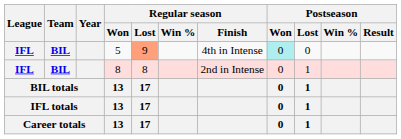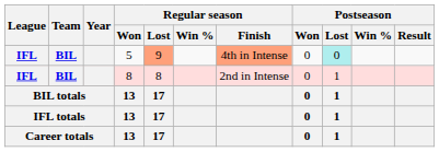 <table class="wikitable" style="font-size: 95%; text-align:center;">
 <tr>
 <th rowspan="2">League</th>
 <th rowspan="2">Team</th>
 <th rowspan="2">Year</th>
 <th colspan="4">Regular season</th>
 <th colspan="4">Postseason</th>
 </tr>
 <tr>
 <th>Won</th>
 <th>Lost</th>
 <th>Win %</th>
 <th>Finish</th>
 <th>Won</th>
 <th>Lost</th>
 <th>Win %</th>
 <th>Result</th>
 </tr>
 <tr>
 <th><a href='#'>IFL</a></th>
 <th><a href='#'>BIL</a></th>
 <th></th>
 <td>5</td>
 <td style="background: lightsalmon;">9</td>
 <td></td>
-<td>4th in Intense</td>
+<td style="background: lightsalmon;">4th in Intense</td>
+<td>0</td>
 <td style="background: paleturquoise;">0</td>
-<td>0</td>
 <td></td>
 <td></td>
 </tr>
 <tr style="background:#fdd;">
 <th><a href='#'>IFL</a></th>
 <th><a href='#'>BIL</a></th>
 <th></th>
 <td>8</td>
 <td>8</td>
 <td></td>
 <td>2nd in Intense</td>
 <td>0</td>
 <td>1</td>
 <td></td>
 <td></td>
 </tr>
 <tr>
 <th colspan="3">BIL totals</th>
 <th>13</th>
 <th>17</th>
 <th></th>
 <th></th>
 <th>0</th>
 <th>1</th>
 <th></th>
 <th></th>
 </tr>
 <tr>
 <th colspan="3">IFL totals</th>
 <th>13</th>
 <th>17</th>
 <th></th>
 <th></th>
 <th>0</th>
 <th>1</th>
 <th></th>
 <th></th>
 </tr>
 <tr>
 <th colspan="3">Career totals</th>
 <th>13</th>
 <th>17</th>
 <th></th>
 <th></th>
 <th>0</th>
 <th>1</th>
 <th></th>
 <th></th>
 </tr>
 </table>
